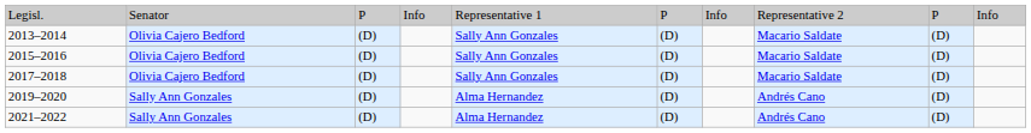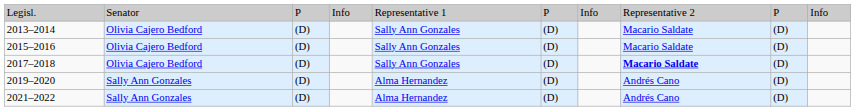 <table class=wikitable width="100%" border="1">
 <tr style="background-color:#cccccc;">
 <td>Legisl.</td>
 <td>Senator</td>
 <td>P</td>
 <td>Info</td>
 <td>Representative 1</td>
 <td>P</td>
 <td>Info</td>
 <td>Representative 2</td>
 <td>P</td>
 <td>Info</td>
 </tr>
 <tr>
 <td>2013–2014</td>
 <td style="background:#DDEEFF"><a href='#'>Olivia Cajero Bedford</a></td>
 <td style="background:#DDEEFF">(D)</td>
 <td></td>
 <td style="background:#DDEEFF"><a href='#'>Sally Ann Gonzales</a></td>
 <td style="background:#DDEEFF">(D)</td>
 <td></td>
 <td style="background:#DDEEFF"><a href='#'>Macario Saldate</a></td>
 <td style="background:#DDEEFF">(D)</td>
 <td></td>
 </tr>
 <tr>
 <td>2015–2016</td>
 <td style="background:#DDEEFF"><a href='#'>Olivia Cajero Bedford</a></td>
 <td style="background:#DDEEFF">(D)</td>
 <td></td>
 <td style="background:#DDEEFF"><a href='#'>Sally Ann Gonzales</a></td>
 <td style="background:#DDEEFF">(D)</td>
 <td></td>
 <td style="background:#DDEEFF"><a href='#'>Macario Saldate</a></td>
 <td style="background:#DDEEFF">(D)</td>
 <td></td>
 </tr>
 <tr>
 <td>2017–2018</td>
 <td style="background:#DDEEFF"><a href='#'>Olivia Cajero Bedford</a></td>
 <td style="background:#DDEEFF">(D)</td>
 <td></td>
 <td style="background:#DDEEFF"><a href='#'>Sally Ann Gonzales</a></td>
 <td style="background:#DDEEFF">(D)</td>
 <td></td>
-<td style="background:#DDEEFF"><a href='#'>Macario Saldate</a></td>
+<td style="background:#DDEEFF"><strong><a href='#'>Macario Saldate</a></strong></td>
 <td style="background:#DDEEFF">(D)</td>
 <td></td>
 </tr>
 <tr>
 <td>2019–2020</td>
 <td style="background:#DDEEFF"><a href='#'>Sally Ann Gonzales</a></td>
 <td style="background:#DDEEFF">(D)</td>
 <td></td>
 <td style="background:#DDEEFF"><a href='#'>Alma Hernandez</a></td>
 <td style="background:#DDEEFF">(D)</td>
 <td></td>
 <td style="background:#DDEEFF"><a href='#'>Andrés Cano</a></td>
 <td style="background:#DDEEFF">(D)</td>
 <td></td>
 </tr>
 <tr>
 <td>2021–2022</td>
 <td style="background:#DDEEFF"><a href='#'>Sally Ann Gonzales</a></td>
 <td style="background:#DDEEFF">(D)</td>
 <td></td>
 <td style="background:#DDEEFF"><a href='#'>Alma Hernandez</a></td>
 <td style="background:#DDEEFF">(D)</td>
 <td></td>
 <td style="background:#DDEEFF"><a href='#'>Andrés Cano</a></td>
 <td style="background:#DDEEFF">(D)</td>
 <td></td>
 </tr>
 </table>
